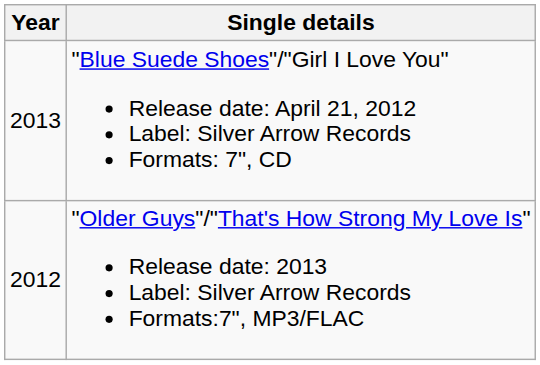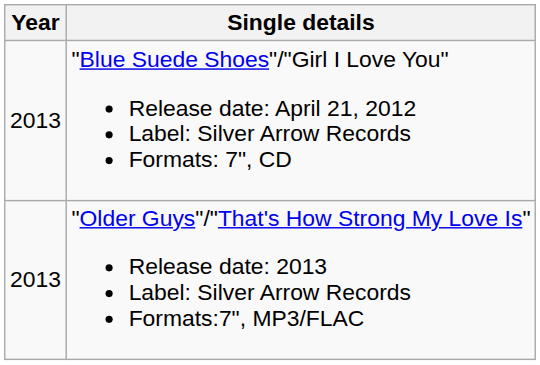 <table class="wikitable" style="text-align: center;">
 <tr>
 <th>Year</th>
 <th>Single details</th>
 </tr>
 <tr>
 <td>2013</td>
 <td style="text-align:left;">"<a href='#'>Blue Suede Shoes</a>"/"Girl I Love You"<br><ul><li>Release date: April 21, 2012</li><li>Label: Silver Arrow Records</li><li>Formats: 7", CD</li></ul></td>
 </tr>
 <tr>
-<td>2012</td>
+<td>2013</td>
 <td style="text-align:left;">"<a href='#'>Older Guys</a>"/"<a href='#'>That's How Strong My Love Is</a>"<br><ul><li>Release date: 2013</li><li>Label: Silver Arrow Records</li><li>Formats:7", MP3/FLAC</li></ul></td>
 </tr>
 </table>
